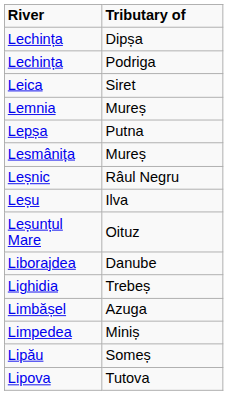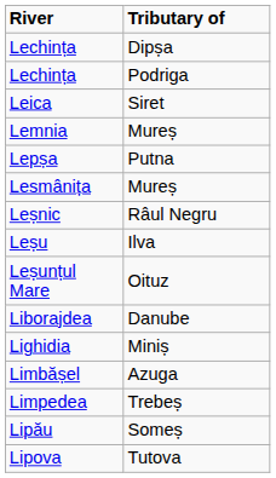 <table class="wikitable">
 <tr>
 <td width="100pt"><strong>River</strong></td>
 <td width="125pt"><strong>Tributary of</strong></td>
 </tr>
 <tr>
 <td><a href='#'>Lechința</a></td>
 <td>Dipșa</td>
 </tr>
 <tr>
 <td><a href='#'>Lechința</a></td>
 <td>Podriga</td>
 </tr>
 <tr>
 <td><a href='#'>Leica</a></td>
 <td>Siret</td>
 </tr>
 <tr>
 <td><a href='#'>Lemnia</a></td>
 <td>Mureș</td>
 </tr>
 <tr>
 <td><a href='#'>Lepșa</a></td>
 <td>Putna</td>
 </tr>
 <tr>
 <td><a href='#'>Lesmânița</a></td>
 <td>Mureș</td>
 </tr>
 <tr>
 <td><a href='#'>Leșnic</a></td>
 <td>Râul Negru</td>
 </tr>
 <tr>
 <td><a href='#'>Leșu</a></td>
 <td>Ilva</td>
 </tr>
 <tr>
 <td><a href='#'>Leșunțul Mare</a></td>
 <td>Oituz</td>
 </tr>
 <tr>
 <td><a href='#'>Liborajdea</a></td>
 <td>Danube</td>
 </tr>
 <tr>
 <td><a href='#'>Lighidia</a></td>
-<td>Trebeș</td>
+<td>Miniș</td>
 </tr>
 <tr>
 <td><a href='#'>Limbășel</a></td>
 <td>Azuga</td>
 </tr>
 <tr>
 <td><a href='#'>Limpedea</a></td>
-<td>Miniș</td>
+<td>Trebeș</td>
 </tr>
 <tr>
 <td><a href='#'>Lipău</a></td>
 <td>Someș</td>
 </tr>
 <tr>
 <td><a href='#'>Lipova</a></td>
 <td>Tutova</td>
 </tr>
 </table>
